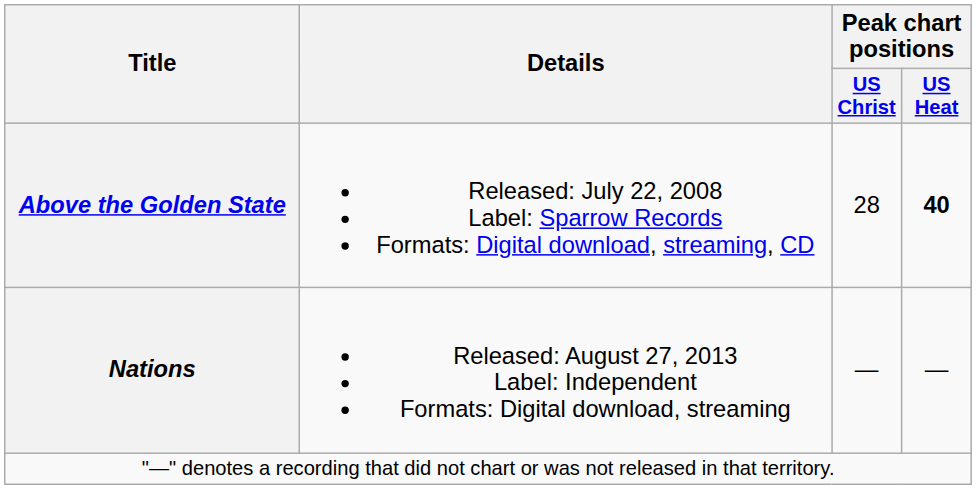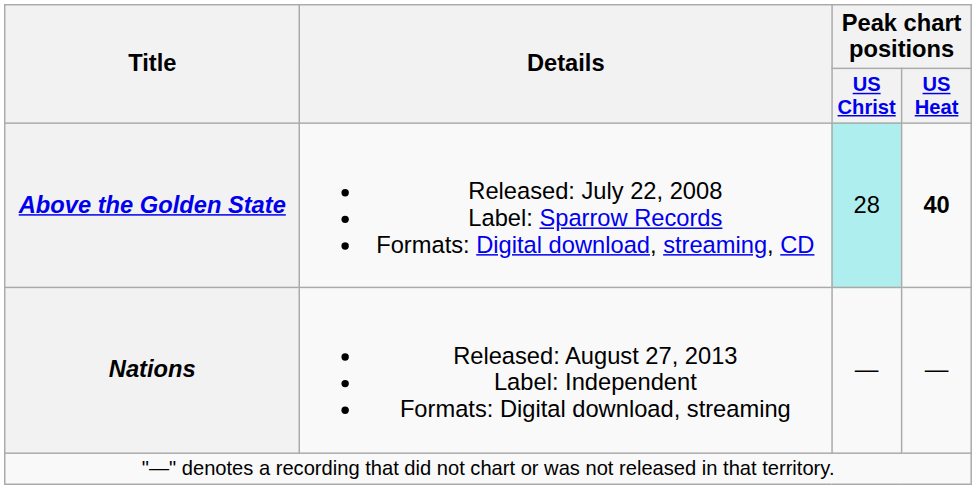 <table class="wikitable plainrowheaders" style="text-align:center;">
 <tr>
 <th rowspan="2" scope="col" style="width:12em;">Title</th>
 <th rowspan="2" scope="col" style="width:22em;">Details</th>
 <th colspan="2">Peak chart positions</th>
 </tr>
 <tr>
 <th scope="col" style="width:3em;font-size:85%;"><a href='#'>US</a><br><a href='#'>Christ</a></th>
 <th scope="col" style="width:3em;font-size:85%;"><a href='#'>US</a><br><a href='#'>Heat</a></th>
 </tr>
 <tr>
 <th scope="row"><em><a href='#'>Above the Golden State</a></em></th>
 <td><br><ul><li>Released: July 22, 2008</li><li>Label: <a href='#'>Sparrow Records</a></li><li>Formats: <a href='#'>Digital download</a>, <a href='#'>streaming</a>, <a href='#'>CD</a></li></ul></td>
-<td>28</td>
+<td style="background: paleturquoise;">28</td>
 <td><strong>40</strong></td>
 </tr>
 <tr>
 <th scope="row"><em>Nations</em></th>
 <td><br><ul><li>Released: August 27, 2013</li><li>Label: Independent</li><li>Formats: Digital download, streaming</li></ul></td>
 <td>—</td>
 <td>—</td>
 </tr>
 <tr>
 <td colspan="14" style="font-size:85%">"—" denotes a recording that did not chart or was not released in that territory.</td>
 </tr>
 </table>
